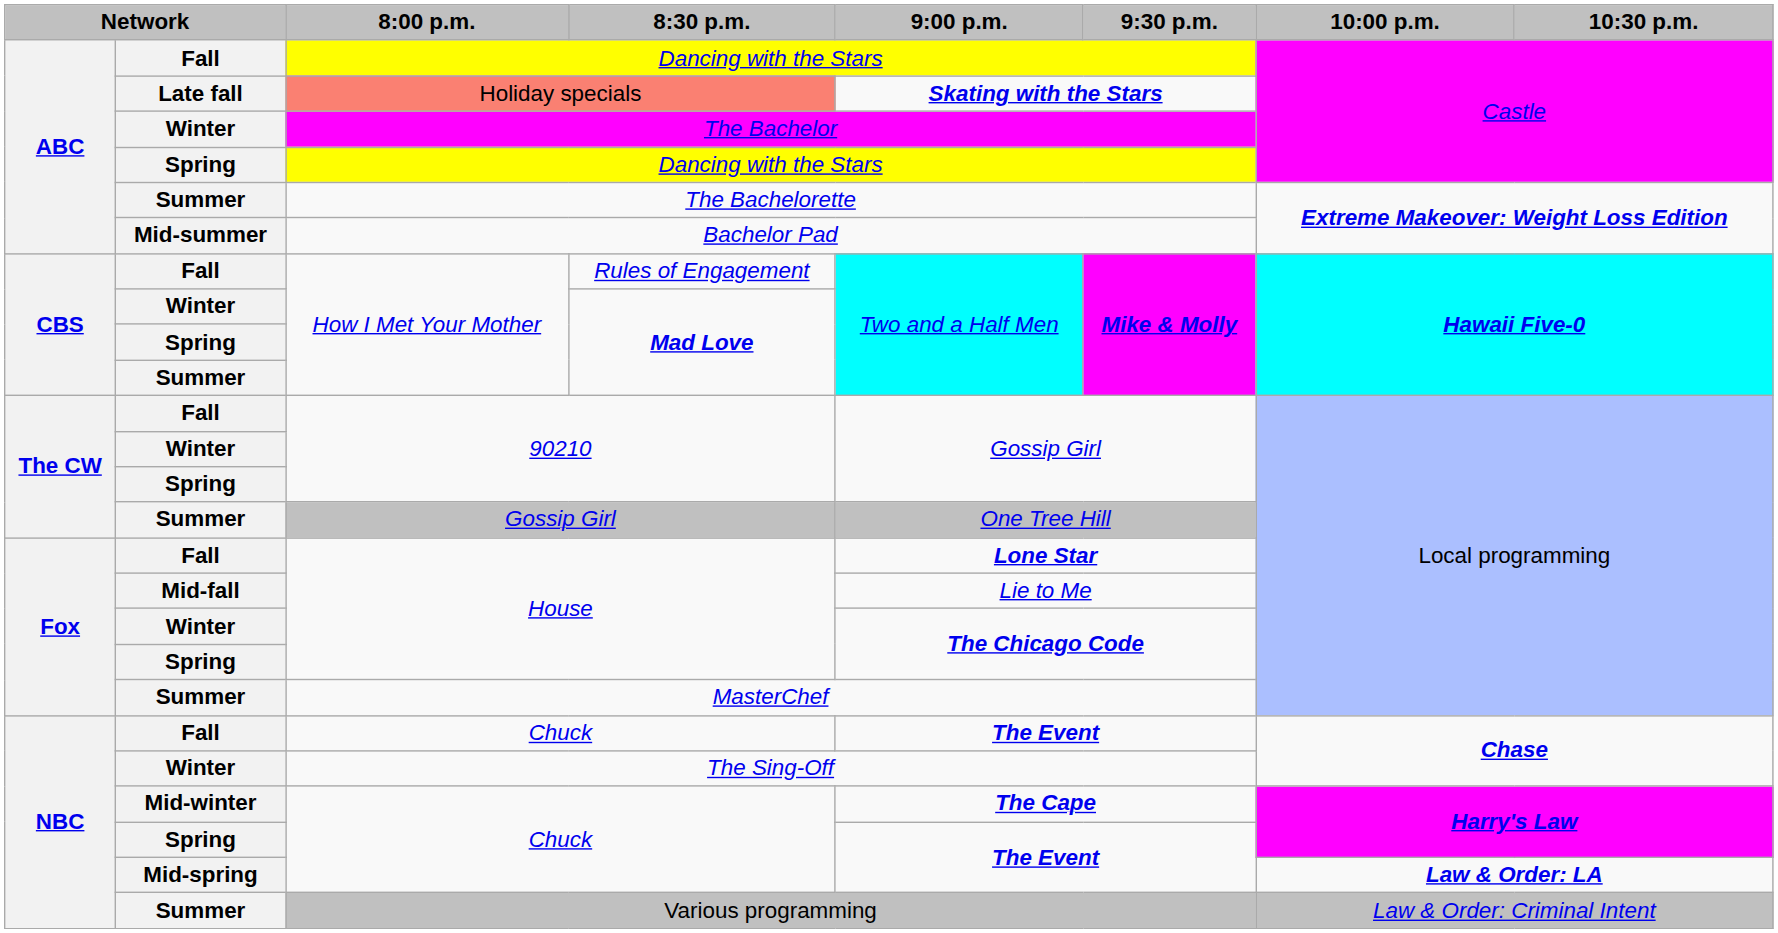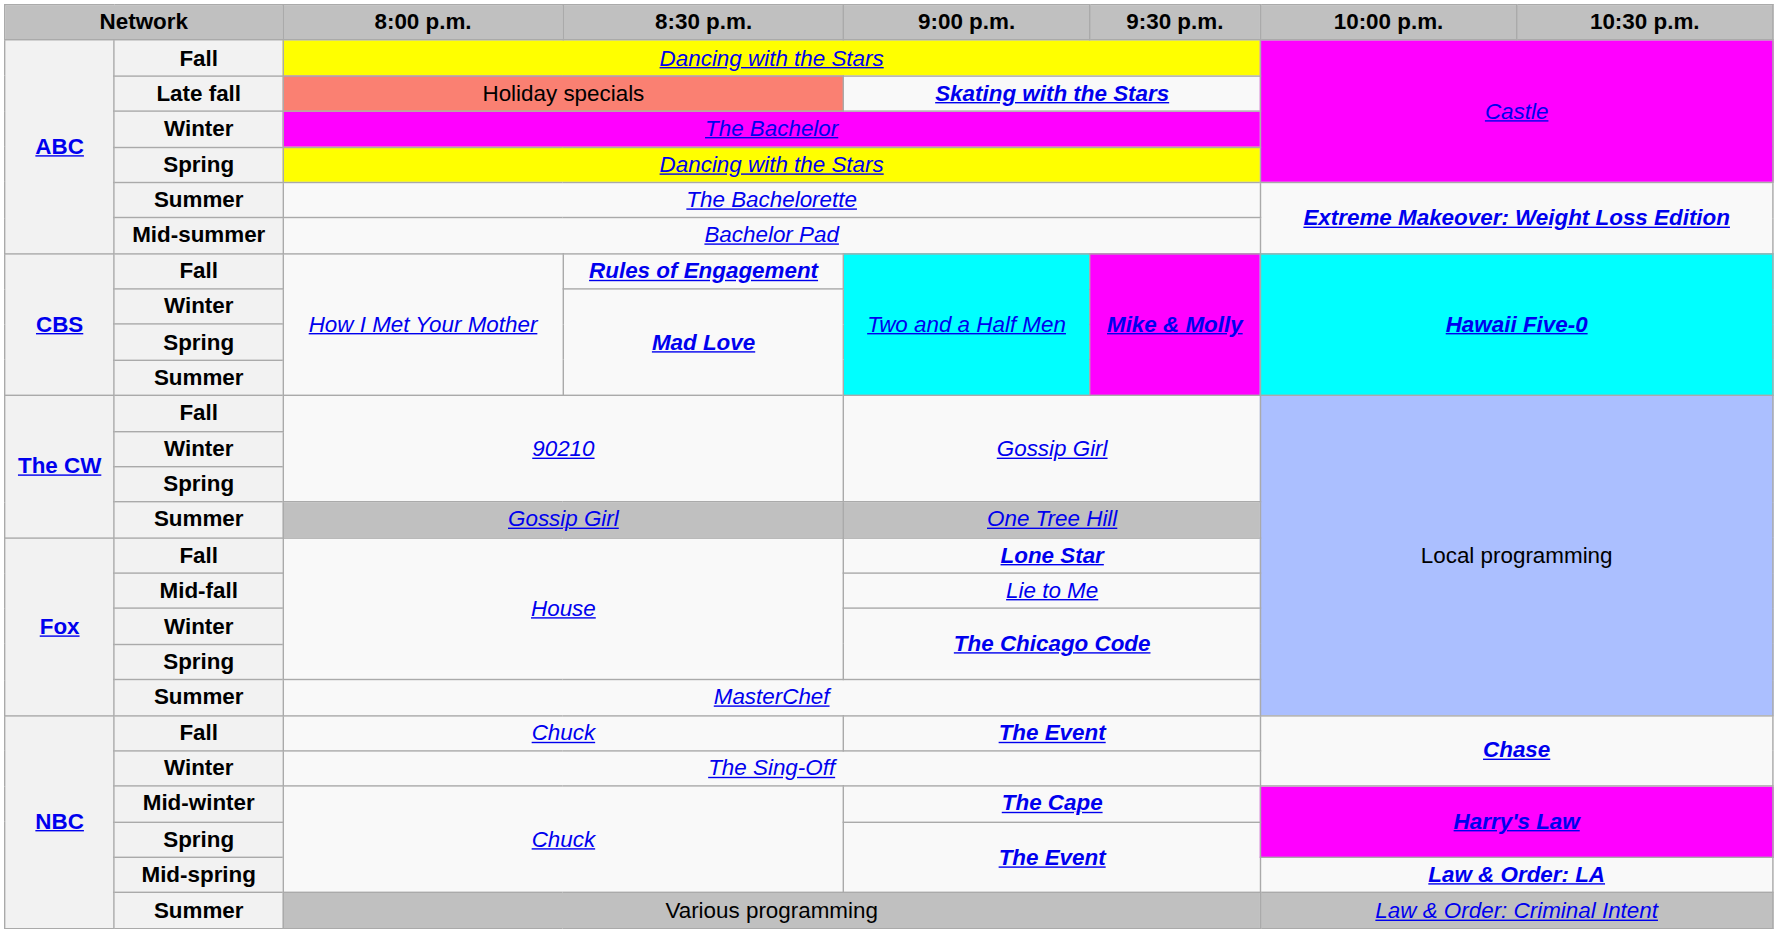 <table class="wikitable" style="width:100%;margin-right:0;text-align:center">
 <tr>
 <th colspan="2" style="background-color:#C0C0C0;text-align:center">Network</th>
 <th style="background-color:#C0C0C0;text-align:center">8:00 p.m.</th>
 <th style="background-color:#C0C0C0;text-align:center">8:30 p.m.</th>
 <th style="background-color:#C0C0C0;text-align:center">9:00 p.m.</th>
 <th style="background-color:#C0C0C0;text-align:center">9:30 p.m.</th>
 <th style="background-color:#C0C0C0;text-align:center">10:00 p.m.</th>
 <th style="background-color:#C0C0C0;text-align:center">10:30 p.m.</th>
 </tr>
 <tr>
 <th rowspan="6"><a href='#'>ABC</a></th>
 <th>Fall</th>
 <td style="background:yellow;" colspan="4"><em><a href='#'>Dancing with the Stars</a></em> </td>
 <td style="background:magenta;" colspan="2" rowspan="4"><em><a href='#'>Castle</a></em> </td>
 </tr>
 <tr>
 <th>Late fall</th>
 <td style="background:#FA8072;" colspan="2">Holiday specials</td>
 <td colspan="2"><strong><em><a href='#'>Skating with the Stars</a></em></strong></td>
 </tr>
 <tr>
 <th>Winter</th>
 <td style="background:magenta;" colspan="4"><em><a href='#'>The Bachelor</a></em> </td>
 </tr>
 <tr>
 <th>Spring</th>
 <td style="background:yellow;" colspan="4"><em><a href='#'>Dancing with the Stars</a></em> </td>
 </tr>
 <tr>
 <th>Summer</th>
 <td colspan="4"><em><a href='#'>The Bachelorette</a></em></td>
 <td rowspan="2" colspan="2"><strong><em><a href='#'>Extreme Makeover: Weight Loss Edition</a></em></strong></td>
 </tr>
 <tr>
 <th>Mid-summer</th>
 <td colspan="4"><em><a href='#'>Bachelor Pad</a></em></td>
 </tr>
 <tr>
 <th rowspan="4"><a href='#'>CBS</a></th>
 <th>Fall</th>
 <td rowspan="4"><em><a href='#'>How I Met Your Mother</a></em></td>
-<td><em><a href='#'>Rules of Engagement</a></em></td>
+<td><strong><em><a href='#'>Rules of Engagement</a></em></strong></td>
 <td rowspan="4" style="background:cyan;"><em><a href='#'>Two and a Half Men</a></em> </td>
 <td style="background:magenta;" rowspan="4"><strong><em><a href='#'>Mike & Molly</a></em></strong> </td>
 <td style="background:cyan;" colspan="2" rowspan="4"><strong><em><a href='#'>Hawaii Five-0</a></em></strong> </td>
 </tr>
 <tr>
 <th>Winter</th>
 <td rowspan="3"><strong><em><a href='#'>Mad Love</a></em></strong></td>
 </tr>
 <tr>
 <th>Spring</th>
 </tr>
 <tr>
 <th>Summer</th>
 </tr>
 <tr>
 <th rowspan="4"><a href='#'>The CW</a></th>
 <th>Fall</th>
 <td colspan="2" rowspan="3"><em><a href='#'>90210</a></em></td>
 <td colspan="2" rowspan="3"><em><a href='#'>Gossip Girl</a></em></td>
 <td style="background:#abbfff;" colspan="2" rowspan="9">Local programming</td>
 </tr>
 <tr>
 <th>Winter</th>
 </tr>
 <tr>
 <th>Spring</th>
 </tr>
 <tr>
 <th>Summer</th>
 <td style="background:#C0C0C0;" colspan="2"><em><a href='#'>Gossip Girl</a></em> </td>
 <td style="background:#C0C0C0;" colspan="2"><em><a href='#'>One Tree Hill</a></em> </td>
 </tr>
 <tr>
 <th rowspan="5"><a href='#'>Fox</a></th>
 <th>Fall</th>
 <td colspan="2" rowspan="4"><em><a href='#'>House</a></em></td>
 <td colspan="2"><strong><em><a href='#'>Lone Star</a></em></strong></td>
 </tr>
 <tr>
 <th>Mid-fall</th>
 <td colspan="2"><em><a href='#'>Lie to Me</a></em></td>
 </tr>
 <tr>
 <th>Winter</th>
 <td colspan="2" rowspan="2"><strong><em><a href='#'>The Chicago Code</a></em></strong></td>
 </tr>
 <tr>
 <th>Spring</th>
 </tr>
 <tr>
 <th>Summer</th>
 <td colspan="4"><em><a href='#'>MasterChef</a></em></td>
 </tr>
 <tr>
 <th rowspan="6"><a href='#'>NBC</a></th>
 <th>Fall</th>
 <td colspan="2"><em><a href='#'>Chuck</a></em></td>
 <td colspan="2"><strong><em><a href='#'>The Event</a></em></strong></td>
 <td colspan="2" rowspan="2"><strong><em><a href='#'>Chase</a></em></strong></td>
 </tr>
 <tr>
 <th>Winter</th>
 <td colspan="4"><em><a href='#'>The Sing-Off</a></em></td>
 </tr>
 <tr>
 <th>Mid-winter</th>
 <td colspan="2" rowspan="3"><em><a href='#'>Chuck</a></em></td>
 <td colspan="2"><strong><em><a href='#'>The Cape</a></em></strong></td>
 <td style="background:magenta;" colspan="2" rowspan="2"><strong><em><a href='#'>Harry's Law</a></em></strong> </td>
 </tr>
 <tr>
 <th>Spring</th>
 <td colspan="2" rowspan="2"><strong><em><a href='#'>The Event</a></em></strong></td>
 </tr>
 <tr>
 <th>Mid-spring</th>
 <td colspan="2"><strong><em><a href='#'>Law & Order: LA</a></em></strong></td>
 </tr>
 <tr>
 <th>Summer</th>
 <td colspan="4" style="background:#C0C0C0;">Various programming</td>
 <td style="background:#C0C0C0;" colspan="2"><em><a href='#'>Law & Order: Criminal Intent</a></em> </td>
 </tr>
 </table>
